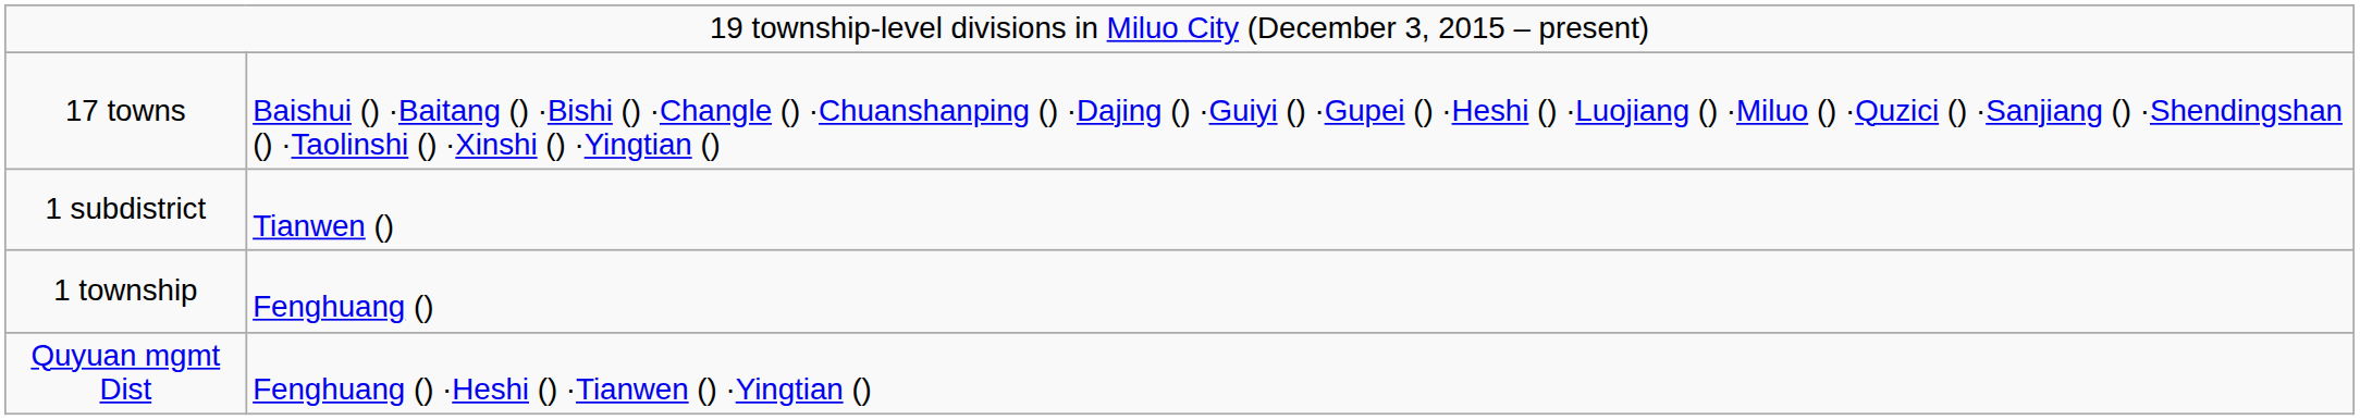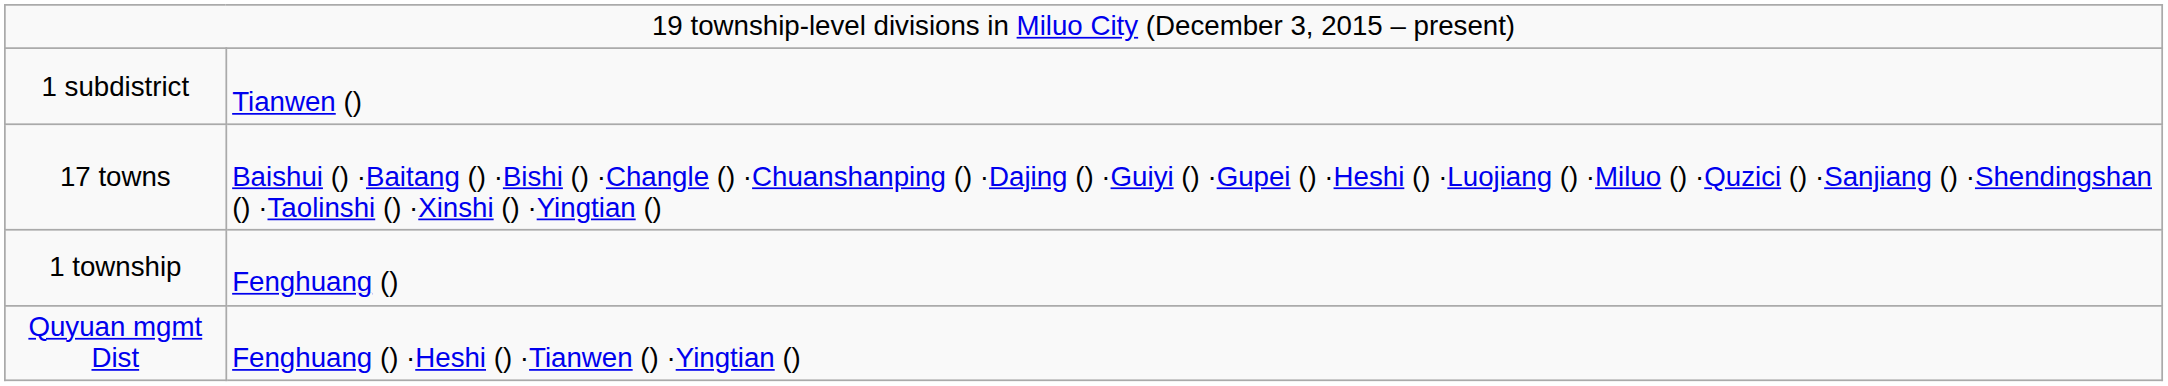 <table class="wikitable">
 <tr>
 <td style="text-align:center;" colspan="2">19 township-level divisions in <a href='#'>Miluo City</a> (December 3, 2015 – present)</td>
 </tr>
 <tr align=left>
+<td align=center>1 subdistrict</td>
+<td><br><a href='#'>Tianwen</a> ()</td>
+</tr>
+<tr align=left>
 <td align=center>17 towns</td>
 <td><br><a href='#'>Baishui</a> () ·<a href='#'>Baitang</a> () ·<a href='#'>Bishi</a> () ·<a href='#'>Changle</a> () ·<a href='#'>Chuanshanping</a> () ·<a href='#'>Dajing</a> () ·<a href='#'>Guiyi</a> () ·<a href='#'>Gupei</a> () ·<a href='#'>Heshi</a> () ·<a href='#'>Luojiang</a> () ·<a href='#'>Miluo</a> () ·<a href='#'>Quzici</a> () ·<a href='#'>Sanjiang</a> () ·<a href='#'>Shendingshan</a> () ·<a href='#'>Taolinshi</a> () ·<a href='#'>Xinshi</a> () ·<a href='#'>Yingtian</a> ()</td>
-</tr>
-<tr align=left>
-<td align=center>1 subdistrict</td>
-<td><br><a href='#'>Tianwen</a> ()</td>
 </tr>
 <tr align=left>
 <td align=center>1 township</td>
 <td><br><a href='#'>Fenghuang</a> ()</td>
 </tr>
 <tr align=left>
 <td align=center><a href='#'>Quyuan mgmt Dist</a></td>
 <td><br><a href='#'>Fenghuang</a> () ·<a href='#'>Heshi</a> () ·<a href='#'>Tianwen</a> () ·<a href='#'>Yingtian</a> ()</td>
 </tr>
 </table>
